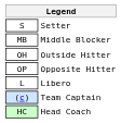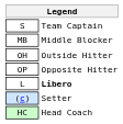 <table class="toccolours" style="float: right; font-size: 90%; white-space: nowrap; valign: middle">
 <tr>
 <th colspan="6" style="background-color: #F2F2F2; border: 1px solid #AAAAAA;">Legend</th>
 </tr>
 <tr>
 <td style="border: 1px solid black;" align=center>  S  </td>
-<td>Setter</td>
+<td>Team Captain</td>
 </tr>
 <tr>
 <td style="border: 1px solid black;" align=center>  MB  </td>
 <td>Middle Blocker</td>
 </tr>
 <tr>
 <td style="border: 1px solid black;" align=center>  OH  </td>
 <td>Outside Hitter</td>
 </tr>
 <tr>
 <td style="border: 1px solid black;" align=center>  OP  </td>
 <td>Opposite Hitter</td>
 </tr>
 <tr>
 <td style="border: 1px solid black;" align=center>  L  </td>
-<td>Libero</td>
+<td><strong>Libero</strong></td>
 </tr>
 <tr>
 <td style="background: #D0E6FF; border: 1px solid black" align=center> (<a href='#'>c</a>) </td>
-<td>Team Captain</td>
+<td>Setter</td>
 </tr>
 <tr>
 <td style="background: #ccffcc; border: 1px solid black" align=center> HC </td>
 <td>Head Coach</td>
 </tr>
 </table>
